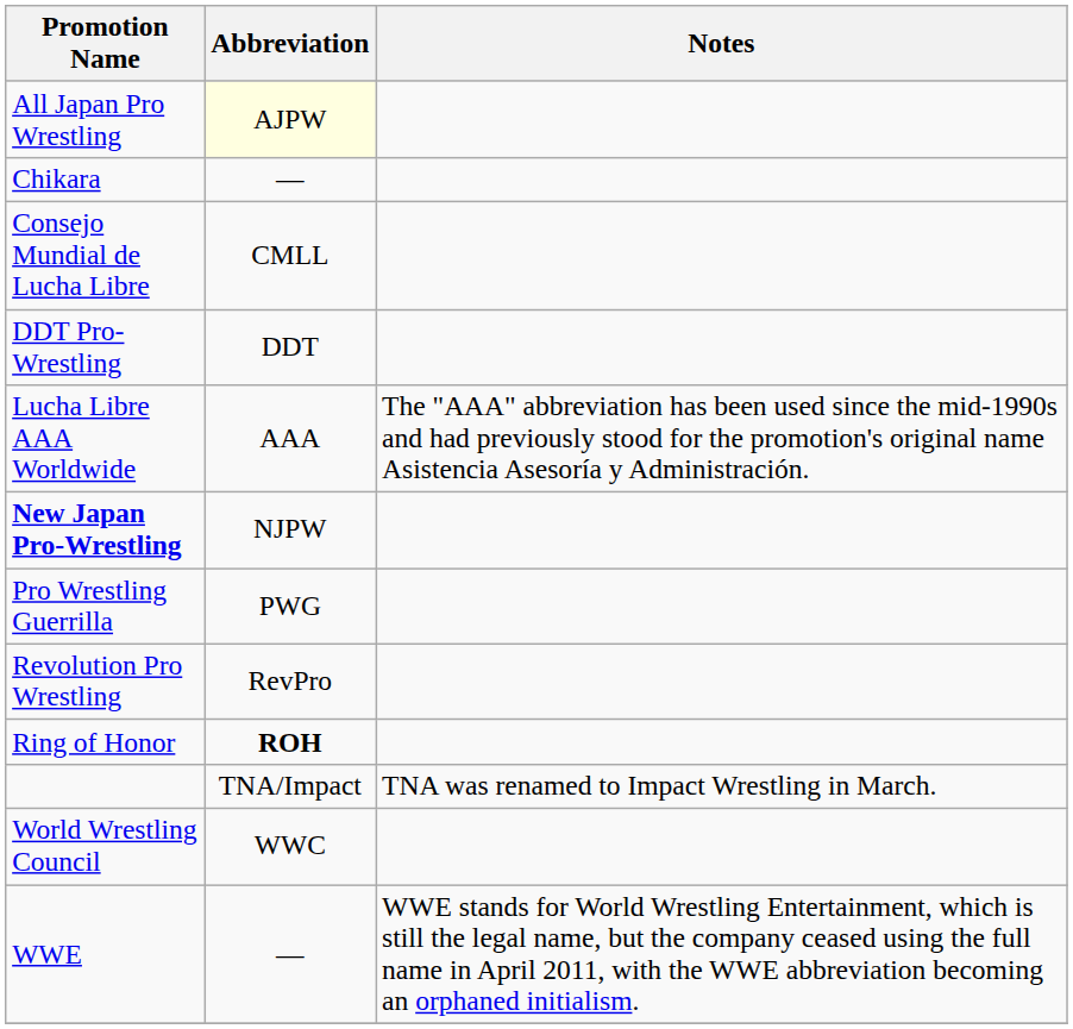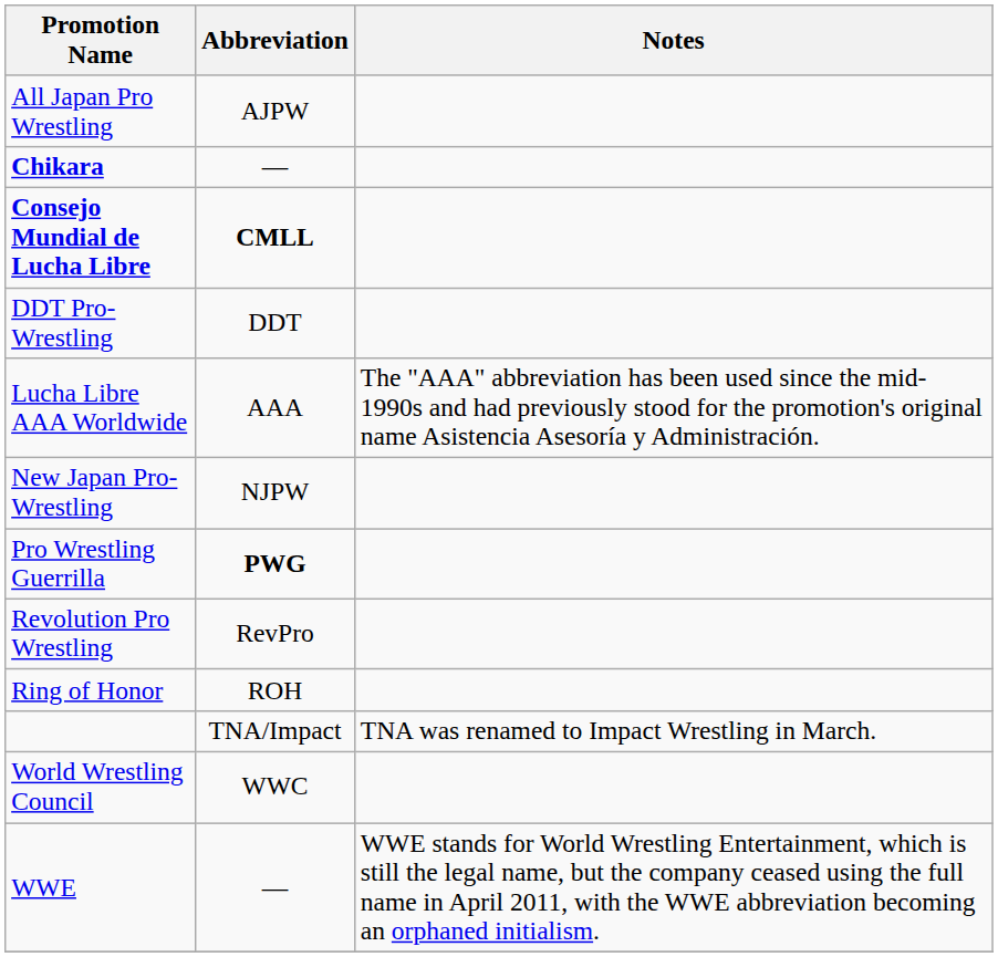 <table class="wikitable">
 <tr>
 <th>Promotion Name</th>
 <th>Abbreviation</th>
 <th>Notes</th>
 </tr>
 <tr>
 <td><a href='#'>All Japan Pro Wrestling</a></td>
-<td align=center style="background: lightyellow;">AJPW</td>
+<td align=center>AJPW</td>
 <td></td>
 </tr>
 <tr>
-<td><a href='#'>Chikara</a></td>
+<td><strong><a href='#'>Chikara</a></strong></td>
 <td align=center>—</td>
 <td></td>
 </tr>
 <tr>
-<td><a href='#'>Consejo Mundial de Lucha Libre</a></td>
-<td align=center>CMLL</td>
+<td><strong><a href='#'>Consejo Mundial de Lucha Libre</a></strong></td>
+<td align=center><strong>CMLL</strong></td>
 <td></td>
 </tr>
 <tr>
 <td><a href='#'>DDT Pro-Wrestling</a></td>
 <td align=center>DDT</td>
 <td></td>
 </tr>
 <tr>
 <td><a href='#'>Lucha Libre AAA Worldwide</a></td>
 <td align=center>AAA</td>
 <td>The "AAA" abbreviation has been used since the mid-1990s and had previously stood for the promotion's original name Asistencia Asesoría y Administración.</td>
 </tr>
 <tr>
-<td><strong><a href='#'>New Japan Pro-Wrestling</a></strong></td>
+<td><a href='#'>New Japan Pro-Wrestling</a></td>
 <td align=center>NJPW</td>
 <td></td>
 </tr>
 <tr>
 <td><a href='#'>Pro Wrestling Guerrilla</a></td>
-<td align=center>PWG</td>
+<td align=center><strong>PWG</strong></td>
 <td></td>
 </tr>
 <tr>
 <td><a href='#'>Revolution Pro Wrestling</a></td>
 <td align=center>RevPro</td>
 <td></td>
 </tr>
 <tr>
 <td><a href='#'>Ring of Honor</a></td>
-<td align=center><strong>ROH</strong></td>
+<td align=center>ROH</td>
 <td></td>
 </tr>
 <tr>
 <td></td>
 <td align=center>TNA/Impact</td>
 <td>TNA was renamed to Impact Wrestling in March.</td>
 </tr>
 <tr>
 <td><a href='#'>World Wrestling Council</a></td>
 <td align=center>WWC</td>
 <td></td>
 </tr>
 <tr>
 <td><a href='#'>WWE</a></td>
 <td align=center>—</td>
 <td>WWE stands for World Wrestling Entertainment, which is still the legal name, but the company ceased using the full name in April 2011, with the WWE abbreviation becoming an <a href='#'>orphaned initialism</a>.<br></td>
 </tr>
 <tr>
 </tr>
 </table>
